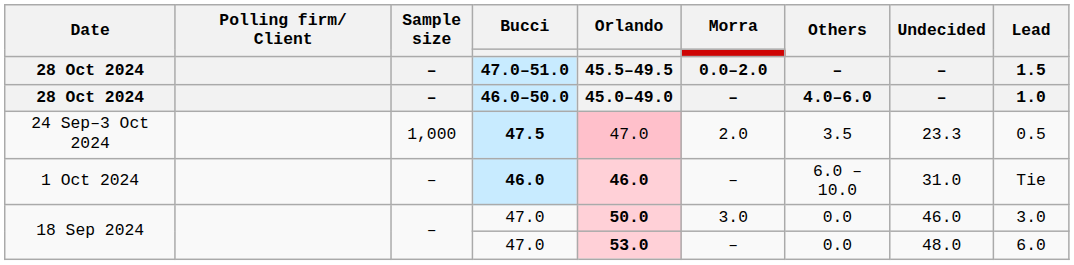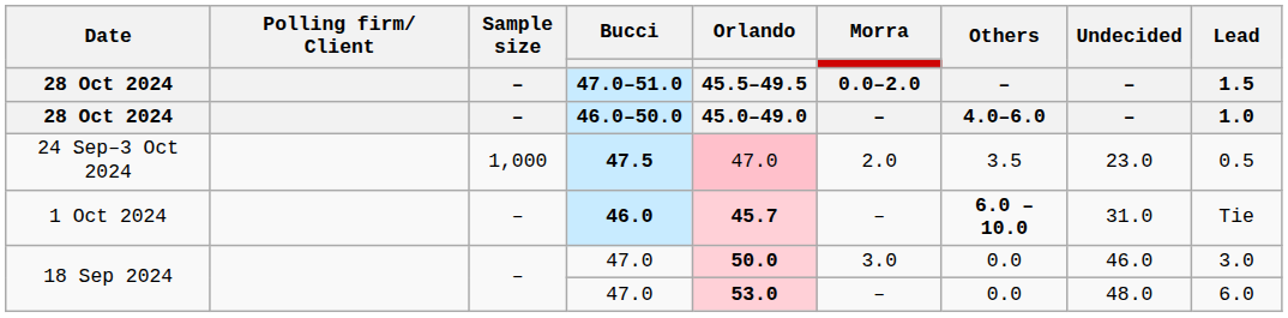 <table class="wikitable collapsible collapsed" style="text-align:center;font-size:85%;line-height:13px">
 <tr style="height:30px; background-color:#E9E9E9">
 <th style="width:110px;" rowspan="2">Date</th>
 <th style="width:140px;" rowspan="2">Polling firm/<br>Client</th>
 <th style="width:50px;" rowspan="2">Sample size</th>
 <th style="width:65px;">Bucci</th>
 <th style="width:65px;">Orlando</th>
 <th style="width:65px;">Morra</th>
 <th style="width:65px;" rowspan="2">Others</th>
 <th style="width:65px;" rowspan="2">Undecided</th>
 <th style="width:45px;" rowspan="2">Lead</th>
 </tr>
 <tr>
 <th style="background:"></th>
 <th style="background:"></th>
 <th style="background:#CF0404;"></th>
 </tr>
 <tr>
 <th>28 Oct 2024</th>
 <th></th>
 <th>–</th>
 <th style="background:#C8EBFF"><strong>47.0–51.0</strong></th>
 <th>45.5–49.5</th>
 <th>0.0–2.0</th>
 <th>–</th>
 <th>–</th>
 <th style="background:">1.5</th>
 </tr>
 <tr>
 <th>28 Oct 2024</th>
 <th></th>
 <th>–</th>
 <th style="background:#C8EBFF"><strong>46.0–50.0</strong></th>
 <th>45.0–49.0</th>
 <th>–</th>
 <th>4.0–6.0</th>
 <th>–</th>
 <th style="background:">1.0</th>
 </tr>
 <tr>
 <td>24 Sep–3 Oct 2024</td>
 <td></td>
 <td>1,000</td>
 <td style="background:#C8EBFF"><strong>47.5</strong></td>
 <td style="background: pink;">47.0</td>
 <td>2.0</td>
 <td>3.5</td>
-<td>23.3</td>
+<td>23.0</td>
 <td style="background:">0.5</td>
 </tr>
 <tr>
 <td>1 Oct 2024</td>
 <td></td>
 <td>–</td>
 <td style="background:#C8EBFF"><strong>46.0</strong></td>
-<td style="background:#FFD0D7"><strong>46.0</strong></td>
+<td style="background:#FFD0D7"><strong>45.7</strong></td>
 <td>–</td>
-<td>6.0 – 10.0</td>
+<td><strong>6.0 – 10.0</strong></td>
 <td>31.0</td>
 <td>Tie</td>
 </tr>
 <tr>
 <td rowspan=2>18 Sep 2024</td>
 <td rowspan=2></td>
 <td rowspan=2>–</td>
 <td>47.0</td>
 <td style="background:#FFD0D7"><strong>50.0</strong></td>
 <td>3.0</td>
 <td>0.0</td>
 <td>46.0</td>
 <td style="background:">3.0</td>
 </tr>
 <tr>
 <td>47.0</td>
 <td style="background:#FFD0D7"><strong>53.0</strong></td>
 <td>–</td>
 <td>0.0</td>
 <td>48.0</td>
 <td style="background:">6.0</td>
 </tr>
 </table>
